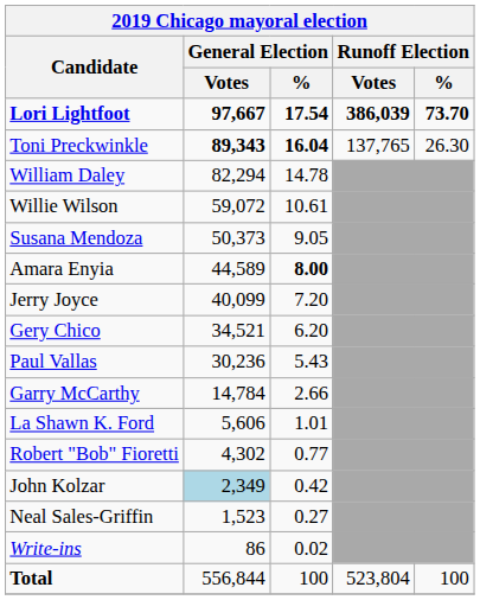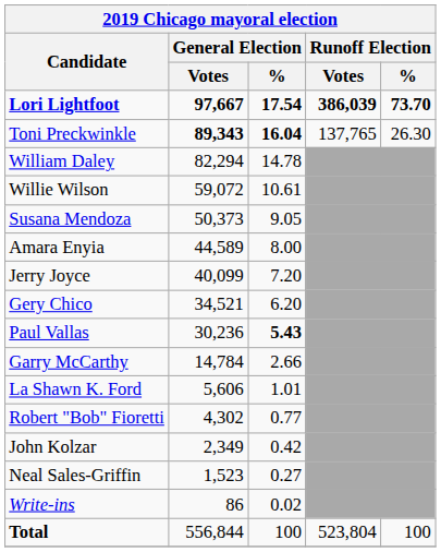 <table class=wikitable>
 <tr>
 <th colspan=5><a href='#'>2019 Chicago mayoral election</a></th>
 </tr>
 <tr>
 <th colspan=1 rowspan=2>Candidate</th>
 <th colspan=2>General Election</th>
 <th colspan=2><strong>Runoff Election</strong></th>
 </tr>
 <tr>
 <th>Votes</th>
 <th>%</th>
 <th>Votes</th>
 <th>%</th>
 </tr>
 <tr>
 <td><strong><a href='#'>Lori Lightfoot</a></strong></td>
 <td align="right"><strong>97,667</strong></td>
 <td align="right"><strong>17.54</strong></td>
 <td align="right"><strong>386,039</strong></td>
 <td align="right"><strong>73.70</strong></td>
 </tr>
 <tr>
 <td><a href='#'>Toni Preckwinkle</a></td>
 <td align="right"><strong>89,343</strong></td>
 <td align="right"><strong>16.04</strong></td>
 <td align="right">137,765</td>
 <td align="right">26.30</td>
 </tr>
 <tr>
 <td><a href='#'>William Daley</a></td>
 <td align="right">82,294</td>
 <td align="right">14.78</td>
 <td colspan=2 bgcolor=darkgray></td>
 </tr>
 <tr>
 <td>Willie Wilson</td>
 <td align="right">59,072</td>
 <td align="right">10.61</td>
 <td colspan=2 bgcolor=darkgray></td>
 </tr>
 <tr>
 <td><a href='#'>Susana Mendoza</a></td>
 <td align="right">50,373</td>
 <td align="right">9.05</td>
 <td colspan=2 bgcolor=darkgray></td>
 </tr>
 <tr>
 <td>Amara Enyia</td>
 <td align="right">44,589</td>
-<td align="right"><strong>8.00</strong></td>
+<td align="right">8.00</td>
 <td colspan=2 bgcolor=darkgray></td>
 </tr>
 <tr>
 <td>Jerry Joyce</td>
 <td align="right">40,099</td>
 <td align="right">7.20</td>
 <td colspan=2 bgcolor=darkgray></td>
 </tr>
 <tr>
 <td><a href='#'>Gery Chico</a></td>
 <td align="right">34,521</td>
 <td align="right">6.20</td>
 <td colspan=2 bgcolor=darkgray></td>
 </tr>
 <tr>
 <td><a href='#'>Paul Vallas</a></td>
 <td align="right">30,236</td>
-<td align="right">5.43</td>
+<td align="right"><strong>5.43</strong></td>
 <td colspan=2 bgcolor=darkgray></td>
 </tr>
 <tr>
 <td><a href='#'>Garry McCarthy</a></td>
 <td align="right">14,784</td>
 <td align="right">2.66</td>
 <td colspan=2 bgcolor=darkgray></td>
 </tr>
 <tr>
 <td><a href='#'>La Shawn K. Ford</a></td>
 <td align="right">5,606</td>
 <td align="right">1.01</td>
 <td colspan=2 bgcolor=darkgray></td>
 </tr>
 <tr>
 <td><a href='#'>Robert "Bob" Fioretti</a></td>
 <td align="right">4,302</td>
 <td align="right">0.77</td>
 <td colspan=2 bgcolor=darkgray></td>
 </tr>
 <tr>
 <td>John Kolzar</td>
-<td align="right" style="background: lightblue;">2,349</td>
+<td align="right">2,349</td>
 <td align="right">0.42</td>
 <td colspan=2 bgcolor=darkgray></td>
 </tr>
 <tr>
 <td>Neal Sales-Griffin</td>
 <td align="right">1,523</td>
 <td align="right">0.27</td>
 <td colspan=2 bgcolor=darkgray></td>
 </tr>
 <tr>
 <td><em><a href='#'>Write-ins</a></em></td>
 <td align="right">86</td>
 <td align="right">0.02</td>
 <td colspan=2 bgcolor=darkgray></td>
 </tr>
 <tr>
 <td><strong>Total</strong></td>
 <td align="right">556,844</td>
 <td align="right">100</td>
 <td align="right">523,804</td>
 <td align="right">100</td>
 </tr>
 <tr>
 </tr>
 </table>
